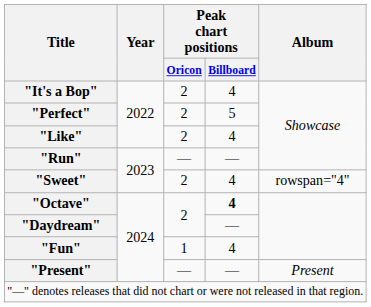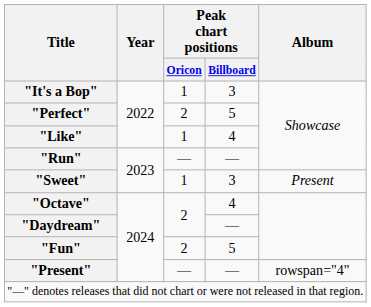 <table class="wikitable plainrowheaders" style="text-align:center;">
 <tr>
 <th scope="col" rowspan="2">Title</th>
 <th scope="col" rowspan="2">Year</th>
 <th scope="col" colspan="2">Peak <br> chart <br> positions</th>
 <th scope="col" rowspan="2">Album</th>
 </tr>
 <tr>
 <th scope="col" style="width:2.5em;"><small><a href='#'>Oricon</a></small></th>
 <th scope="col" style="width:2.5em;"><small><a href='#'>Billboard</a></small></th>
 </tr>
 <tr>
 <th scope="row">"It's a Bop"</th>
 <td rowspan="3">2022</td>
-<td>2</td>
-<td>4</td>
+<td>1</td>
+<td>3</td>
 <td rowspan="4"><em>Showcase</em></td>
 </tr>
 <tr>
 <th scope="row">"Perfect"</th>
 <td>2</td>
 <td>5</td>
 </tr>
 <tr>
 <th scope="row">"Like"</th>
-<td>2</td>
+<td>1</td>
 <td>4</td>
 </tr>
 <tr>
 <th scope="row">"Run"</th>
 <td rowspan="2">2023</td>
 <td>—</td>
 <td>—</td>
 </tr>
 <tr>
 <th scope="row">"Sweet"</th>
-<td>2</td>
-<td>4</td>
-<td>rowspan="4" </td>
+<td>1</td>
+<td>3</td>
+<td><em>Present</em></td>
 </tr>
 <tr>
 <th scope="row">"Octave"</th>
 <td rowspan="4">2024</td>
 <td rowspan="2">2</td>
-<td><strong>4</strong></td>
+<td>4</td>
 </tr>
 <tr>
 <th scope="row">"Daydream"</th>
 <td>—</td>
 </tr>
 <tr>
 <th scope="row">"Fun"</th>
-<td>1</td>
-<td>4</td>
+<td>2</td>
+<td>5</td>
 </tr>
 <tr>
 <th scope="row">"Present"</th>
 <td>—</td>
 <td>—</td>
-<td><em>Present</em></td>
+<td>rowspan="4" </td>
 </tr>
 <tr>
 <td colspan="5" style="font-size:85%">"—" denotes releases that did not chart or were not released in that region.</td>
 </tr>
 </table>
